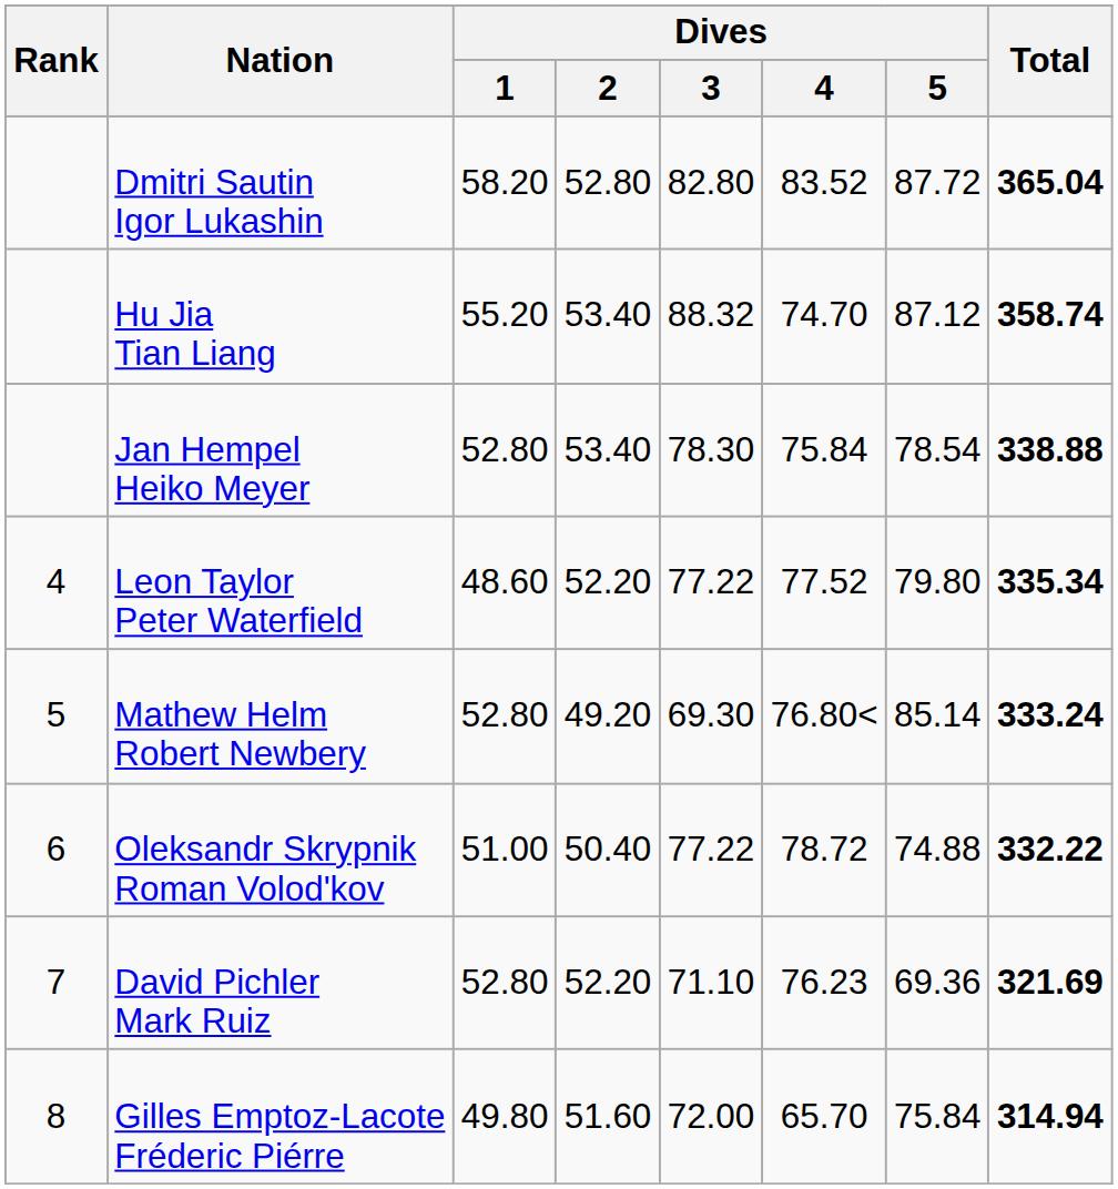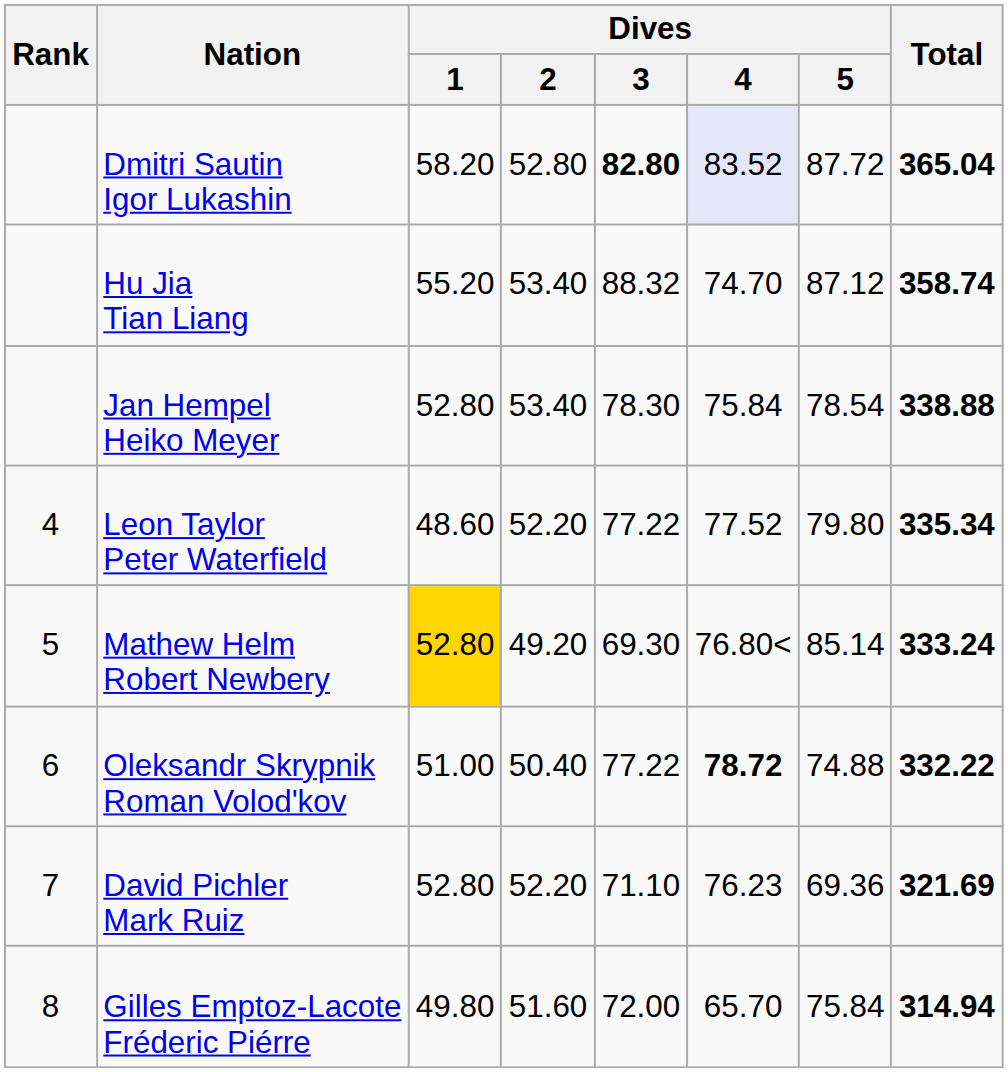 <table class="wikitable sortable" style="text-align:center;">
 <tr>
 <th rowspan=2>Rank</th>
 <th rowspan=2>Nation</th>
 <th colspan="5">Dives</th>
 <th rowspan=2>Total</th>
 </tr>
 <tr>
 <th>1</th>
 <th>2</th>
 <th>3</th>
 <th>4</th>
 <th>5</th>
 </tr>
 <tr>
 <td></td>
 <td align=left> <br> <a href='#'>Dmitri Sautin</a> <br> <a href='#'>Igor Lukashin</a></td>
 <td>58.20</td>
 <td>52.80</td>
-<td>82.80</td>
-<td>83.52</td>
+<td><strong>82.80</strong></td>
+<td style="background: lavender;">83.52</td>
 <td>87.72</td>
 <td><strong>365.04</strong></td>
 </tr>
 <tr>
 <td></td>
 <td align=left> <br> <a href='#'>Hu Jia</a> <br> <a href='#'>Tian Liang</a></td>
 <td>55.20</td>
 <td>53.40</td>
 <td>88.32</td>
 <td>74.70</td>
 <td>87.12</td>
 <td><strong>358.74</strong></td>
 </tr>
 <tr>
 <td></td>
 <td align=left> <br> <a href='#'>Jan Hempel</a> <br> <a href='#'>Heiko Meyer</a></td>
 <td>52.80</td>
 <td>53.40</td>
 <td>78.30</td>
 <td>75.84</td>
 <td>78.54</td>
 <td><strong>338.88</strong></td>
 </tr>
 <tr>
 <td>4</td>
 <td align=left> <br> <a href='#'>Leon Taylor</a> <br> <a href='#'>Peter Waterfield</a></td>
 <td>48.60</td>
 <td>52.20</td>
 <td>77.22</td>
 <td>77.52</td>
 <td>79.80</td>
 <td><strong>335.34</strong></td>
 </tr>
 <tr>
 <td>5</td>
 <td align=left> <br> <a href='#'>Mathew Helm</a> <br> <a href='#'>Robert Newbery</a></td>
-<td>52.80</td>
+<td style="background: gold;">52.80</td>
 <td>49.20</td>
 <td>69.30</td>
 <td>76.80<</td>
 <td>85.14</td>
 <td><strong>333.24</strong></td>
 </tr>
 <tr>
 <td>6</td>
 <td align=left> <br> <a href='#'>Oleksandr Skrypnik</a> <br> <a href='#'>Roman Volod'kov</a></td>
 <td>51.00</td>
 <td>50.40</td>
 <td>77.22</td>
-<td>78.72</td>
+<td><strong>78.72</strong></td>
 <td>74.88</td>
 <td><strong>332.22</strong></td>
 </tr>
 <tr>
 <td>7</td>
 <td align=left> <br> <a href='#'>David Pichler</a> <br> <a href='#'>Mark Ruiz</a></td>
 <td>52.80</td>
 <td>52.20</td>
 <td>71.10</td>
 <td>76.23</td>
 <td>69.36</td>
 <td><strong>321.69</strong></td>
 </tr>
 <tr>
 <td>8</td>
 <td align=left> <br> <a href='#'>Gilles Emptoz-Lacote</a> <br> <a href='#'>Fréderic Piérre</a></td>
 <td>49.80</td>
 <td>51.60</td>
 <td>72.00</td>
 <td>65.70</td>
 <td>75.84</td>
 <td><strong>314.94</strong></td>
 </tr>
 </table>
